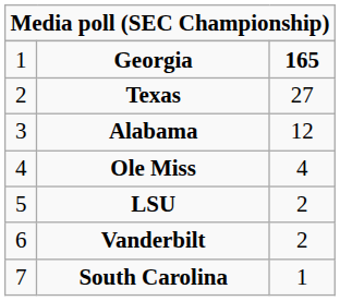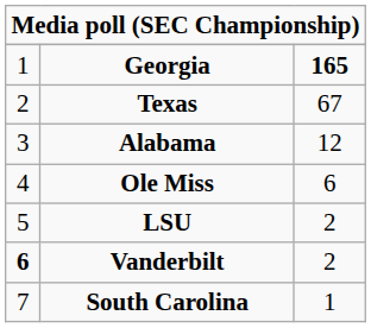 <table class="wikitable">
 <tr align="center">
 <td align="center" Colspan="3"><strong>Media poll (SEC Championship)</strong></td>
 </tr>
 <tr align="center">
 </tr>
 <tr align="center">
 <td>1</td>
 <td><strong>Georgia</strong></td>
 <td><strong>165</strong></td>
 </tr>
 <tr align="center">
 <td>2</td>
 <td><strong>Texas</strong></td>
-<td>27</td>
+<td>67</td>
 </tr>
 <tr align="center">
 <td>3</td>
 <td><strong>Alabama</strong></td>
 <td>12</td>
 </tr>
 <tr align="center">
 <td>4</td>
 <td><strong>Ole Miss</strong></td>
-<td>4</td>
+<td>6</td>
 </tr>
 <tr align="center">
 <td>5</td>
 <td><strong>LSU</strong></td>
 <td>2</td>
 </tr>
 <tr align="center">
-<td>6</td>
+<td><strong>6</strong></td>
 <td><strong>Vanderbilt</strong></td>
 <td>2</td>
 </tr>
 <tr align="center">
 <td>7</td>
 <td><strong>South Carolina</strong></td>
 <td>1</td>
 </tr>
 </table>
